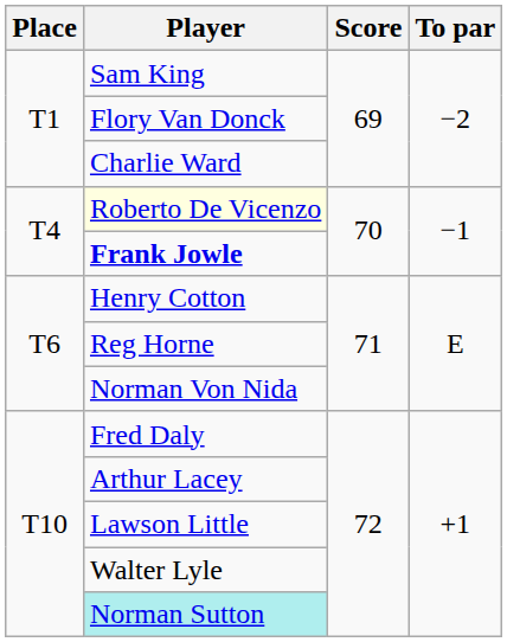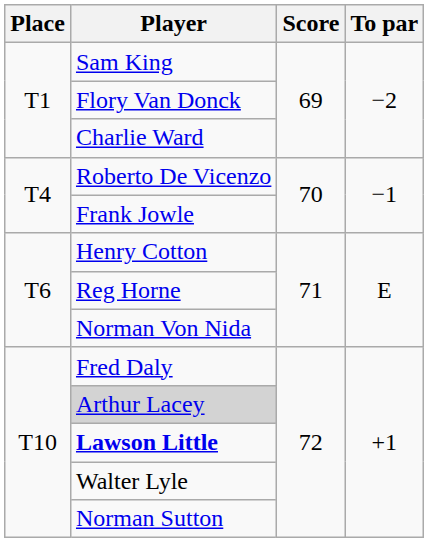 <table class=wikitable>
 <tr>
 <th>Place</th>
 <th>Player</th>
 <th>Score</th>
 <th>To par</th>
 </tr>
 <tr>
 <td rowspan=3 align=center>T1</td>
 <td> <a href='#'>Sam King</a></td>
 <td rowspan=3 align=center>69</td>
 <td rowspan=3 align=center>−2</td>
 </tr>
 <tr>
 <td> <a href='#'>Flory Van Donck</a></td>
 </tr>
 <tr>
 <td> <a href='#'>Charlie Ward</a></td>
 </tr>
 <tr>
 <td rowspan=2 align=center>T4</td>
-<td style="background: lightyellow;"> <a href='#'>Roberto De Vicenzo</a></td>
+<td> <a href='#'>Roberto De Vicenzo</a></td>
 <td rowspan=2 align=center>70</td>
 <td rowspan=2 align=center>−1</td>
 </tr>
 <tr>
-<td><strong> <a href='#'>Frank Jowle</a></strong></td>
+<td> <a href='#'>Frank Jowle</a></td>
 </tr>
 <tr>
 <td rowspan=3 align=center>T6</td>
 <td> <a href='#'>Henry Cotton</a></td>
 <td rowspan=3 align=center>71</td>
 <td rowspan=3 align=center>E</td>
 </tr>
 <tr>
 <td> <a href='#'>Reg Horne</a></td>
 </tr>
 <tr>
 <td> <a href='#'>Norman Von Nida</a></td>
 </tr>
 <tr>
 <td rowspan=5 align=center>T10</td>
 <td> <a href='#'>Fred Daly</a></td>
 <td rowspan=5 align=center>72</td>
 <td rowspan=5 align=center>+1</td>
 </tr>
 <tr>
-<td> <a href='#'>Arthur Lacey</a></td>
+<td style="background: lightgrey;"> <a href='#'>Arthur Lacey</a></td>
 </tr>
 <tr>
-<td> <a href='#'>Lawson Little</a></td>
+<td><strong> <a href='#'>Lawson Little</a></strong></td>
 </tr>
 <tr>
 <td> Walter Lyle   </td>
 </tr>
 <tr>
-<td style="background: paleturquoise;"> <a href='#'>Norman Sutton</a></td>
+<td> <a href='#'>Norman Sutton</a></td>
 </tr>
 </table>
